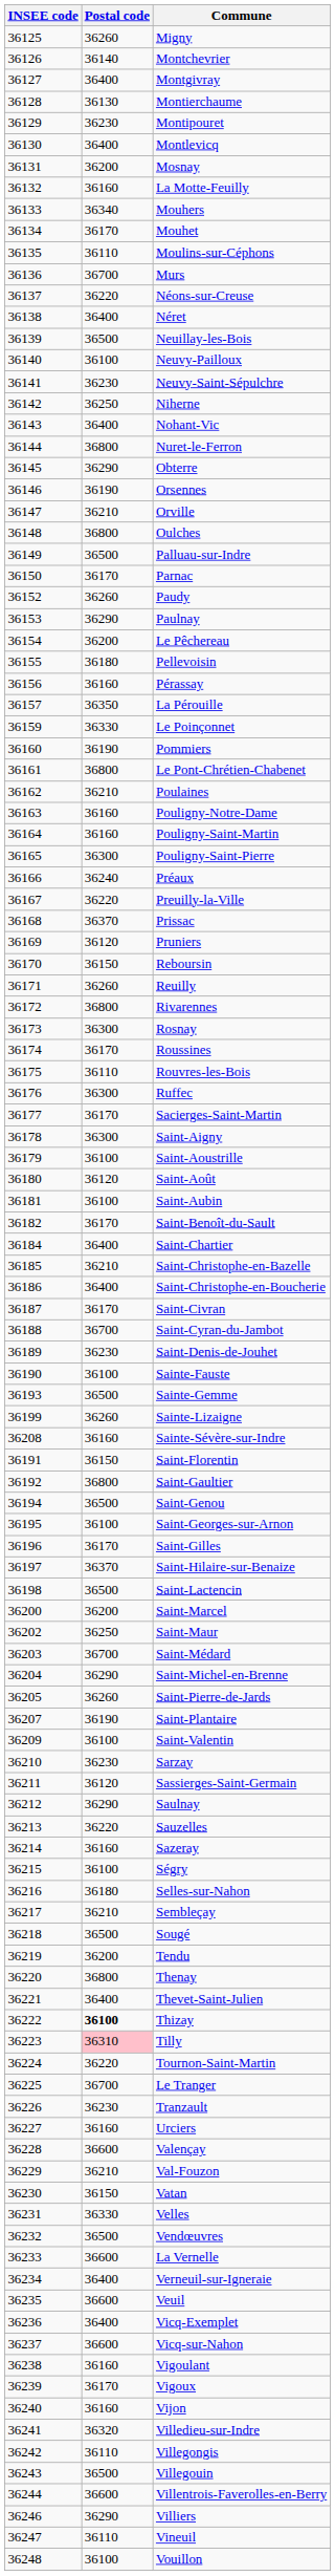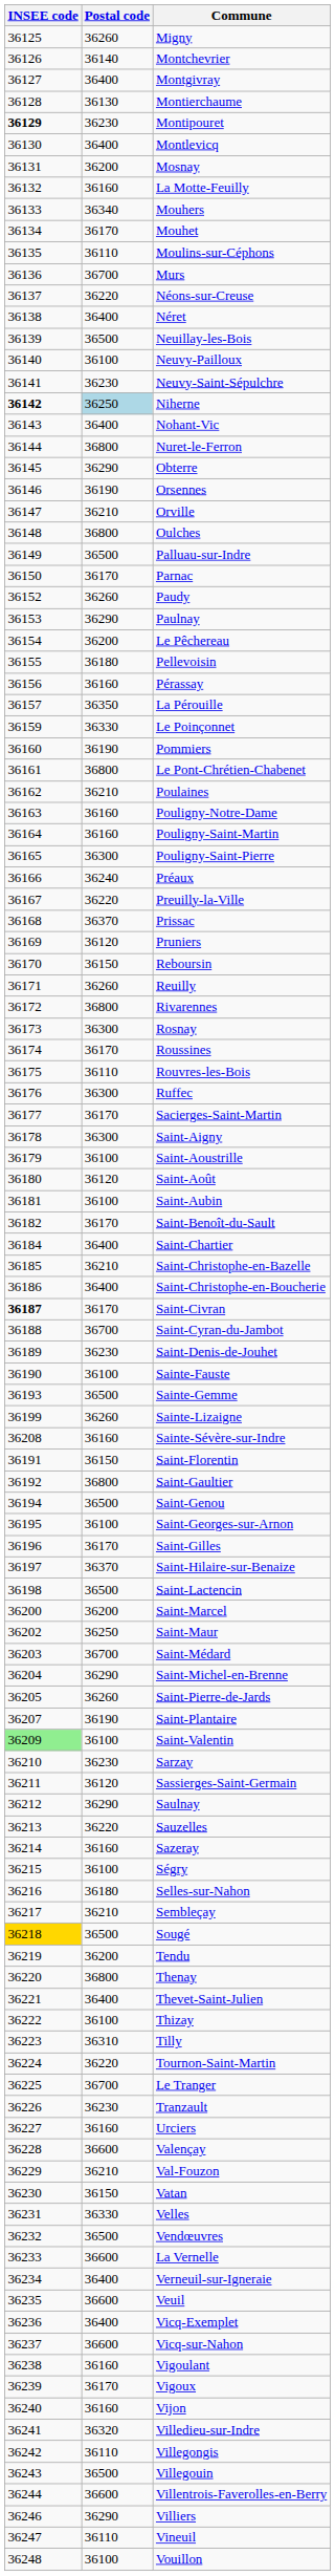 <table class="wikitable sortable">
 <tr>
 <th><a href='#'>INSEE code</a></th>
 <th><a href='#'>Postal code</a></th>
 <th>Commune</th>
 </tr>
 <tr>
 <td>36125</td>
 <td>36260</td>
 <td><a href='#'>Migny</a></td>
 </tr>
 <tr>
 <td>36126</td>
 <td>36140</td>
 <td><a href='#'>Montchevrier</a></td>
 </tr>
 <tr>
 <td>36127</td>
 <td>36400</td>
 <td><a href='#'>Montgivray</a></td>
 </tr>
 <tr>
 <td>36128</td>
 <td>36130</td>
 <td><a href='#'>Montierchaume</a></td>
 </tr>
 <tr>
-<td>36129</td>
+<td><strong>36129</strong></td>
 <td>36230</td>
 <td><a href='#'>Montipouret</a></td>
 </tr>
 <tr>
 <td>36130</td>
 <td>36400</td>
 <td><a href='#'>Montlevicq</a></td>
 </tr>
 <tr>
 <td>36131</td>
 <td>36200</td>
 <td><a href='#'>Mosnay</a></td>
 </tr>
 <tr>
 <td>36132</td>
 <td>36160</td>
 <td><a href='#'>La Motte-Feuilly</a></td>
 </tr>
 <tr>
 <td>36133</td>
 <td>36340</td>
 <td><a href='#'>Mouhers</a></td>
 </tr>
 <tr>
 <td>36134</td>
 <td>36170</td>
 <td><a href='#'>Mouhet</a></td>
 </tr>
 <tr>
 <td>36135</td>
 <td>36110</td>
 <td><a href='#'>Moulins-sur-Céphons</a></td>
 </tr>
 <tr>
 <td>36136</td>
 <td>36700</td>
 <td><a href='#'>Murs</a></td>
 </tr>
 <tr>
 <td>36137</td>
 <td>36220</td>
 <td><a href='#'>Néons-sur-Creuse</a></td>
 </tr>
 <tr>
 <td>36138</td>
 <td>36400</td>
 <td><a href='#'>Néret</a></td>
 </tr>
 <tr>
 <td>36139</td>
 <td>36500</td>
 <td><a href='#'>Neuillay-les-Bois</a></td>
 </tr>
 <tr>
 <td>36140</td>
 <td>36100</td>
 <td><a href='#'>Neuvy-Pailloux</a></td>
 </tr>
 <tr>
 <td>36141</td>
 <td>36230</td>
 <td><a href='#'>Neuvy-Saint-Sépulchre</a></td>
 </tr>
 <tr>
-<td>36142</td>
-<td>36250</td>
+<td><strong>36142</strong></td>
+<td style="background: lightblue;">36250</td>
 <td><a href='#'>Niherne</a></td>
 </tr>
 <tr>
 <td>36143</td>
 <td>36400</td>
 <td><a href='#'>Nohant-Vic</a></td>
 </tr>
 <tr>
 <td>36144</td>
 <td>36800</td>
 <td><a href='#'>Nuret-le-Ferron</a></td>
 </tr>
 <tr>
 <td>36145</td>
 <td>36290</td>
 <td><a href='#'>Obterre</a></td>
 </tr>
 <tr>
 <td>36146</td>
 <td>36190</td>
 <td><a href='#'>Orsennes</a></td>
 </tr>
 <tr>
 <td>36147</td>
 <td>36210</td>
 <td><a href='#'>Orville</a></td>
 </tr>
 <tr>
 <td>36148</td>
 <td>36800</td>
 <td><a href='#'>Oulches</a></td>
 </tr>
 <tr>
 <td>36149</td>
 <td>36500</td>
 <td><a href='#'>Palluau-sur-Indre</a></td>
 </tr>
 <tr>
 <td>36150</td>
 <td>36170</td>
 <td><a href='#'>Parnac</a></td>
 </tr>
 <tr>
 <td>36152</td>
 <td>36260</td>
 <td><a href='#'>Paudy</a></td>
 </tr>
 <tr>
 <td>36153</td>
 <td>36290</td>
 <td><a href='#'>Paulnay</a></td>
 </tr>
 <tr>
 <td>36154</td>
 <td>36200</td>
 <td><a href='#'>Le Pêchereau</a></td>
 </tr>
 <tr>
 <td>36155</td>
 <td>36180</td>
 <td><a href='#'>Pellevoisin</a></td>
 </tr>
 <tr>
 <td>36156</td>
 <td>36160</td>
 <td><a href='#'>Pérassay</a></td>
 </tr>
 <tr>
 <td>36157</td>
 <td>36350</td>
 <td><a href='#'>La Pérouille</a></td>
 </tr>
 <tr>
 <td>36159</td>
 <td>36330</td>
 <td><a href='#'>Le Poinçonnet</a></td>
 </tr>
 <tr>
 <td>36160</td>
 <td>36190</td>
 <td><a href='#'>Pommiers</a></td>
 </tr>
 <tr>
 <td>36161</td>
 <td>36800</td>
 <td><a href='#'>Le Pont-Chrétien-Chabenet</a></td>
 </tr>
 <tr>
 <td>36162</td>
 <td>36210</td>
 <td><a href='#'>Poulaines</a></td>
 </tr>
 <tr>
 <td>36163</td>
 <td>36160</td>
 <td><a href='#'>Pouligny-Notre-Dame</a></td>
 </tr>
 <tr>
 <td>36164</td>
 <td>36160</td>
 <td><a href='#'>Pouligny-Saint-Martin</a></td>
 </tr>
 <tr>
 <td>36165</td>
 <td>36300</td>
 <td><a href='#'>Pouligny-Saint-Pierre</a></td>
 </tr>
 <tr>
 <td>36166</td>
 <td>36240</td>
 <td><a href='#'>Préaux</a></td>
 </tr>
 <tr>
 <td>36167</td>
 <td>36220</td>
 <td><a href='#'>Preuilly-la-Ville</a></td>
 </tr>
 <tr>
 <td>36168</td>
 <td>36370</td>
 <td><a href='#'>Prissac</a></td>
 </tr>
 <tr>
 <td>36169</td>
 <td>36120</td>
 <td><a href='#'>Pruniers</a></td>
 </tr>
 <tr>
 <td>36170</td>
 <td>36150</td>
 <td><a href='#'>Reboursin</a></td>
 </tr>
 <tr>
 <td>36171</td>
 <td>36260</td>
 <td><a href='#'>Reuilly</a></td>
 </tr>
 <tr>
 <td>36172</td>
 <td>36800</td>
 <td><a href='#'>Rivarennes</a></td>
 </tr>
 <tr>
 <td>36173</td>
 <td>36300</td>
 <td><a href='#'>Rosnay</a></td>
 </tr>
 <tr>
 <td>36174</td>
 <td>36170</td>
 <td><a href='#'>Roussines</a></td>
 </tr>
 <tr>
 <td>36175</td>
 <td>36110</td>
 <td><a href='#'>Rouvres-les-Bois</a></td>
 </tr>
 <tr>
 <td>36176</td>
 <td>36300</td>
 <td><a href='#'>Ruffec</a></td>
 </tr>
 <tr>
 <td>36177</td>
 <td>36170</td>
 <td><a href='#'>Sacierges-Saint-Martin</a></td>
 </tr>
 <tr>
 <td>36178</td>
 <td>36300</td>
 <td><a href='#'>Saint-Aigny</a></td>
 </tr>
 <tr>
 <td>36179</td>
 <td>36100</td>
 <td><a href='#'>Saint-Aoustrille</a></td>
 </tr>
 <tr>
 <td>36180</td>
 <td>36120</td>
 <td><a href='#'>Saint-Août</a></td>
 </tr>
 <tr>
 <td>36181</td>
 <td>36100</td>
 <td><a href='#'>Saint-Aubin</a></td>
 </tr>
 <tr>
 <td>36182</td>
 <td>36170</td>
 <td><a href='#'>Saint-Benoît-du-Sault</a></td>
 </tr>
 <tr>
 <td>36184</td>
 <td>36400</td>
 <td><a href='#'>Saint-Chartier</a></td>
 </tr>
 <tr>
 <td>36185</td>
 <td>36210</td>
 <td><a href='#'>Saint-Christophe-en-Bazelle</a></td>
 </tr>
 <tr>
 <td>36186</td>
 <td>36400</td>
 <td><a href='#'>Saint-Christophe-en-Boucherie</a></td>
 </tr>
 <tr>
-<td>36187</td>
+<td><strong>36187</strong></td>
 <td>36170</td>
 <td><a href='#'>Saint-Civran</a></td>
 </tr>
 <tr>
 <td>36188</td>
 <td>36700</td>
 <td><a href='#'>Saint-Cyran-du-Jambot</a></td>
 </tr>
 <tr>
 <td>36189</td>
 <td>36230</td>
 <td><a href='#'>Saint-Denis-de-Jouhet</a></td>
 </tr>
 <tr>
 <td>36190</td>
 <td>36100</td>
 <td><a href='#'>Sainte-Fauste</a></td>
 </tr>
 <tr>
 <td>36193</td>
 <td>36500</td>
 <td><a href='#'>Sainte-Gemme</a></td>
 </tr>
 <tr>
 <td>36199</td>
 <td>36260</td>
 <td><a href='#'>Sainte-Lizaigne</a></td>
 </tr>
 <tr>
 <td>36208</td>
 <td>36160</td>
 <td><a href='#'>Sainte-Sévère-sur-Indre</a></td>
 </tr>
 <tr>
 <td>36191</td>
 <td>36150</td>
 <td><a href='#'>Saint-Florentin</a></td>
 </tr>
 <tr>
 <td>36192</td>
 <td>36800</td>
 <td><a href='#'>Saint-Gaultier</a></td>
 </tr>
 <tr>
 <td>36194</td>
 <td>36500</td>
 <td><a href='#'>Saint-Genou</a></td>
 </tr>
 <tr>
 <td>36195</td>
 <td>36100</td>
 <td><a href='#'>Saint-Georges-sur-Arnon</a></td>
 </tr>
 <tr>
 <td>36196</td>
 <td>36170</td>
 <td><a href='#'>Saint-Gilles</a></td>
 </tr>
 <tr>
 <td>36197</td>
 <td>36370</td>
 <td><a href='#'>Saint-Hilaire-sur-Benaize</a></td>
 </tr>
 <tr>
 <td>36198</td>
 <td>36500</td>
 <td><a href='#'>Saint-Lactencin</a></td>
 </tr>
 <tr>
 <td>36200</td>
 <td>36200</td>
 <td><a href='#'>Saint-Marcel</a></td>
 </tr>
 <tr>
 <td>36202</td>
 <td>36250</td>
 <td><a href='#'>Saint-Maur</a></td>
 </tr>
 <tr>
 <td>36203</td>
 <td>36700</td>
 <td><a href='#'>Saint-Médard</a></td>
 </tr>
 <tr>
 <td>36204</td>
 <td>36290</td>
 <td><a href='#'>Saint-Michel-en-Brenne</a></td>
 </tr>
 <tr>
 <td>36205</td>
 <td>36260</td>
 <td><a href='#'>Saint-Pierre-de-Jards</a></td>
 </tr>
 <tr>
 <td>36207</td>
 <td>36190</td>
 <td><a href='#'>Saint-Plantaire</a></td>
 </tr>
 <tr>
-<td>36209</td>
+<td style="background: lightgreen;">36209</td>
 <td>36100</td>
 <td><a href='#'>Saint-Valentin</a></td>
 </tr>
 <tr>
 <td>36210</td>
 <td>36230</td>
 <td><a href='#'>Sarzay</a></td>
 </tr>
 <tr>
 <td>36211</td>
 <td>36120</td>
 <td><a href='#'>Sassierges-Saint-Germain</a></td>
 </tr>
 <tr>
 <td>36212</td>
 <td>36290</td>
 <td><a href='#'>Saulnay</a></td>
 </tr>
 <tr>
 <td>36213</td>
 <td>36220</td>
 <td><a href='#'>Sauzelles</a></td>
 </tr>
 <tr>
 <td>36214</td>
 <td>36160</td>
 <td><a href='#'>Sazeray</a></td>
 </tr>
 <tr>
 <td>36215</td>
 <td>36100</td>
 <td><a href='#'>Ségry</a></td>
 </tr>
 <tr>
 <td>36216</td>
 <td>36180</td>
 <td><a href='#'>Selles-sur-Nahon</a></td>
 </tr>
 <tr>
 <td>36217</td>
 <td>36210</td>
 <td><a href='#'>Sembleçay</a></td>
 </tr>
 <tr>
-<td>36218</td>
+<td style="background: gold;">36218</td>
 <td>36500</td>
 <td><a href='#'>Sougé</a></td>
 </tr>
 <tr>
 <td>36219</td>
 <td>36200</td>
 <td><a href='#'>Tendu</a></td>
 </tr>
 <tr>
 <td>36220</td>
 <td>36800</td>
 <td><a href='#'>Thenay</a></td>
 </tr>
 <tr>
 <td>36221</td>
 <td>36400</td>
 <td><a href='#'>Thevet-Saint-Julien</a></td>
 </tr>
 <tr>
 <td>36222</td>
-<td><strong>36100</strong></td>
+<td>36100</td>
 <td><a href='#'>Thizay</a></td>
 </tr>
 <tr>
 <td>36223</td>
-<td style="background: pink;">36310</td>
+<td>36310</td>
 <td><a href='#'>Tilly</a></td>
 </tr>
 <tr>
 <td>36224</td>
 <td>36220</td>
 <td><a href='#'>Tournon-Saint-Martin</a></td>
 </tr>
 <tr>
 <td>36225</td>
 <td>36700</td>
 <td><a href='#'>Le Tranger</a></td>
 </tr>
 <tr>
 <td>36226</td>
 <td>36230</td>
 <td><a href='#'>Tranzault</a></td>
 </tr>
 <tr>
 <td>36227</td>
 <td>36160</td>
 <td><a href='#'>Urciers</a></td>
 </tr>
 <tr>
 <td>36228</td>
 <td>36600</td>
 <td><a href='#'>Valençay</a></td>
 </tr>
 <tr>
 <td>36229</td>
 <td>36210</td>
 <td><a href='#'>Val-Fouzon</a></td>
 </tr>
 <tr>
 <td>36230</td>
 <td>36150</td>
 <td><a href='#'>Vatan</a></td>
 </tr>
 <tr>
 <td>36231</td>
 <td>36330</td>
 <td><a href='#'>Velles</a></td>
 </tr>
 <tr>
 <td>36232</td>
 <td>36500</td>
 <td><a href='#'>Vendœuvres</a></td>
 </tr>
 <tr>
 <td>36233</td>
 <td>36600</td>
 <td><a href='#'>La Vernelle</a></td>
 </tr>
 <tr>
 <td>36234</td>
 <td>36400</td>
 <td><a href='#'>Verneuil-sur-Igneraie</a></td>
 </tr>
 <tr>
 <td>36235</td>
 <td>36600</td>
 <td><a href='#'>Veuil</a></td>
 </tr>
 <tr>
 <td>36236</td>
 <td>36400</td>
 <td><a href='#'>Vicq-Exemplet</a></td>
 </tr>
 <tr>
 <td>36237</td>
 <td>36600</td>
 <td><a href='#'>Vicq-sur-Nahon</a></td>
 </tr>
 <tr>
 <td>36238</td>
 <td>36160</td>
 <td><a href='#'>Vigoulant</a></td>
 </tr>
 <tr>
 <td>36239</td>
 <td>36170</td>
 <td><a href='#'>Vigoux</a></td>
 </tr>
 <tr>
 <td>36240</td>
 <td>36160</td>
 <td><a href='#'>Vijon</a></td>
 </tr>
 <tr>
 <td>36241</td>
 <td>36320</td>
 <td><a href='#'>Villedieu-sur-Indre</a></td>
 </tr>
 <tr>
 <td>36242</td>
 <td>36110</td>
 <td><a href='#'>Villegongis</a></td>
 </tr>
 <tr>
 <td>36243</td>
 <td>36500</td>
 <td><a href='#'>Villegouin</a></td>
 </tr>
 <tr>
 <td>36244</td>
 <td>36600</td>
 <td><a href='#'>Villentrois-Faverolles-en-Berry</a></td>
 </tr>
 <tr>
 <td>36246</td>
 <td>36290</td>
 <td><a href='#'>Villiers</a></td>
 </tr>
 <tr>
 <td>36247</td>
 <td>36110</td>
 <td><a href='#'>Vineuil</a></td>
 </tr>
 <tr>
 <td>36248</td>
 <td>36100</td>
 <td><a href='#'>Vouillon</a></td>
 </tr>
 </table>
